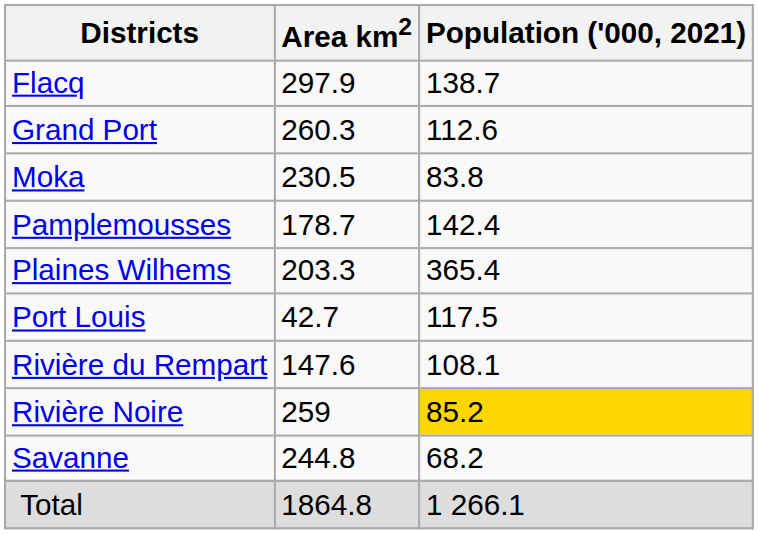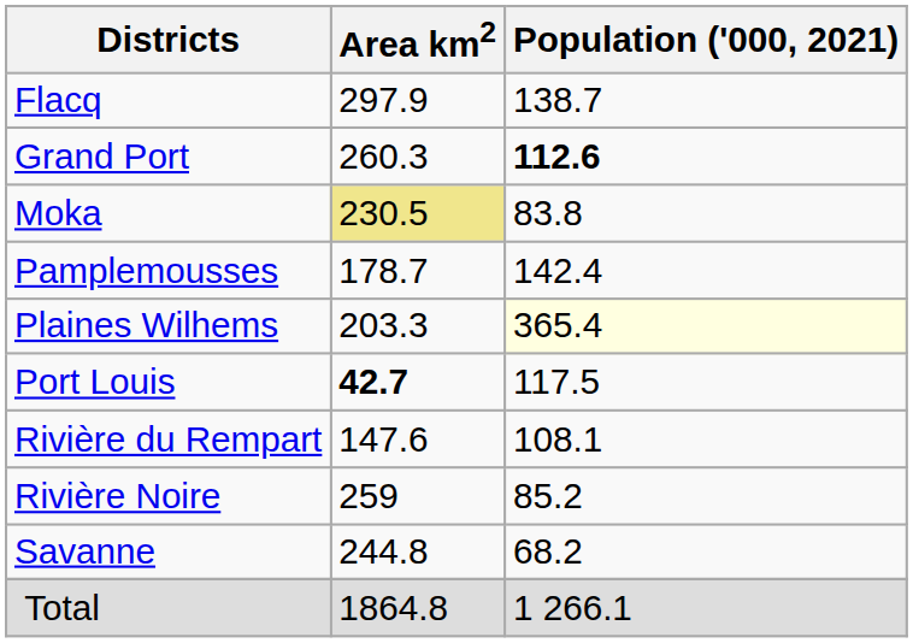 <table class="wikitable sortable" style="text-align:left; font-size:90%;";">
 <tr style="font-size:100%; text-align:right;">
 <th>Districts</th>
 <th>Area km<sup>2</sup></th>
 <th>Population ('000, 2021)</th>
 </tr>
 <tr>
 <td><a href='#'>Flacq</a></td>
 <td>297.9</td>
 <td>138.7</td>
 </tr>
 <tr>
 <td><a href='#'>Grand Port</a></td>
 <td>260.3</td>
-<td>112.6</td>
+<td><strong>112.6</strong></td>
 </tr>
 <tr>
 <td><a href='#'>Moka</a></td>
-<td>230.5</td>
+<td style="background: khaki;">230.5</td>
 <td>83.8</td>
 </tr>
 <tr>
 <td><a href='#'>Pamplemousses</a></td>
 <td>178.7</td>
 <td>142.4</td>
 </tr>
 <tr>
 <td><a href='#'>Plaines Wilhems</a></td>
 <td>203.3</td>
-<td>365.4</td>
+<td style="background: lightyellow;">365.4</td>
 </tr>
 <tr>
 <td><a href='#'>Port Louis</a></td>
-<td>42.7</td>
+<td><strong>42.7</strong></td>
 <td>117.5</td>
 </tr>
 <tr>
 <td><a href='#'>Rivière du Rempart</a></td>
 <td>147.6</td>
 <td>108.1</td>
 </tr>
 <tr>
 <td><a href='#'>Rivière Noire</a></td>
 <td>259</td>
-<td style="background: gold;">85.2</td>
+<td>85.2</td>
 </tr>
 <tr>
 <td><a href='#'>Savanne</a></td>
 <td>244.8</td>
 <td>68.2</td>
 </tr>
 <tr>
 </tr>
 <tr style="background: #DDDDDD;" | class="sortbottom">
 <td> Total</td>
 <td>1864.8</td>
 <td>1 266.1</td>
 </tr>
 </table>
